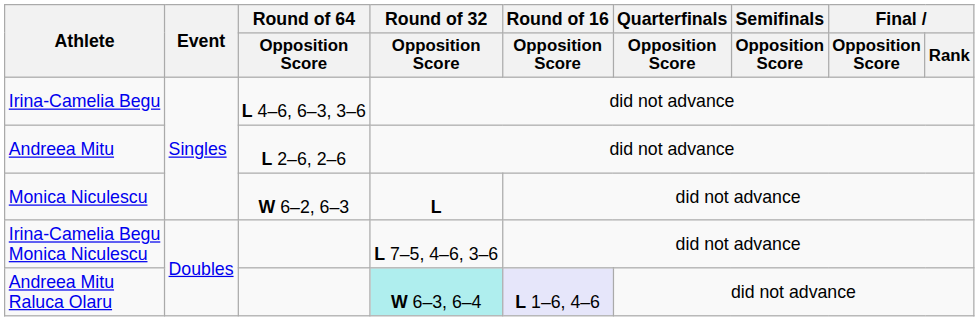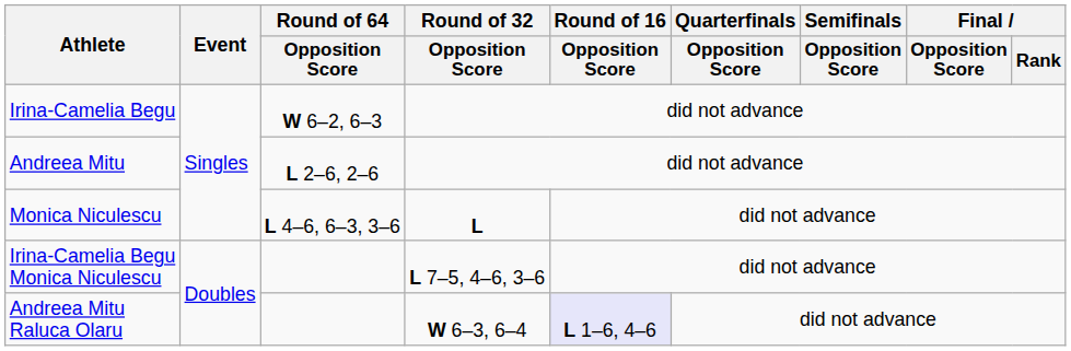 <table class=wikitable style="font-size:90%">
 <tr>
 <th rowspan=2>Athlete</th>
 <th rowspan=2>Event</th>
 <th>Round of 64</th>
 <th>Round of 32</th>
 <th>Round of 16</th>
 <th>Quarterfinals</th>
 <th>Semifinals</th>
 <th colspan=2>Final / </th>
 </tr>
 <tr style="font-size:95%">
 <th>Opposition<br>Score</th>
 <th>Opposition<br>Score</th>
 <th>Opposition<br>Score</th>
 <th>Opposition<br>Score</th>
 <th>Opposition<br>Score</th>
 <th>Opposition<br>Score</th>
 <th>Rank</th>
 </tr>
 <tr align=center>
 <td align=left><a href='#'>Irina-Camelia Begu</a></td>
 <td align=left rowspan=3><a href='#'>Singles</a></td>
-<td><br><strong>L</strong> 4–6, 6–3, 3–6</td>
+<td><br><strong>W</strong> 6–2, 6–3</td>
 <td colspan=6>did not advance</td>
 </tr>
 <tr align=center>
 <td align=left><a href='#'>Andreea Mitu</a></td>
 <td><br><strong>L</strong> 2–6, 2–6</td>
 <td colspan=6>did not advance</td>
 </tr>
 <tr align=center>
 <td align=left><a href='#'>Monica Niculescu</a></td>
-<td><br><strong>W</strong> 6–2, 6–3</td>
+<td><br><strong>L</strong> 4–6, 6–3, 3–6</td>
 <td><br><strong>L</strong> </td>
 <td colspan=5>did not advance</td>
 </tr>
 <tr align=center>
 <td align=left><a href='#'>Irina-Camelia Begu</a><br><a href='#'>Monica Niculescu</a></td>
 <td align=left rowspan=2><a href='#'>Doubles</a></td>
 <td></td>
 <td><br><strong>L</strong> 7–5, 4–6, 3–6</td>
 <td colspan=5>did not advance</td>
 </tr>
 <tr align=center>
 <td align=left><a href='#'>Andreea Mitu</a><br><a href='#'>Raluca Olaru</a></td>
 <td></td>
-<td style="background: paleturquoise;"><br><strong>W</strong> 6–3, 6–4</td>
+<td><br><strong>W</strong> 6–3, 6–4</td>
 <td style="background: lavender;"><br><strong>L</strong> 1–6, 4–6</td>
 <td colspan=5>did not advance</td>
 </tr>
 </table>
